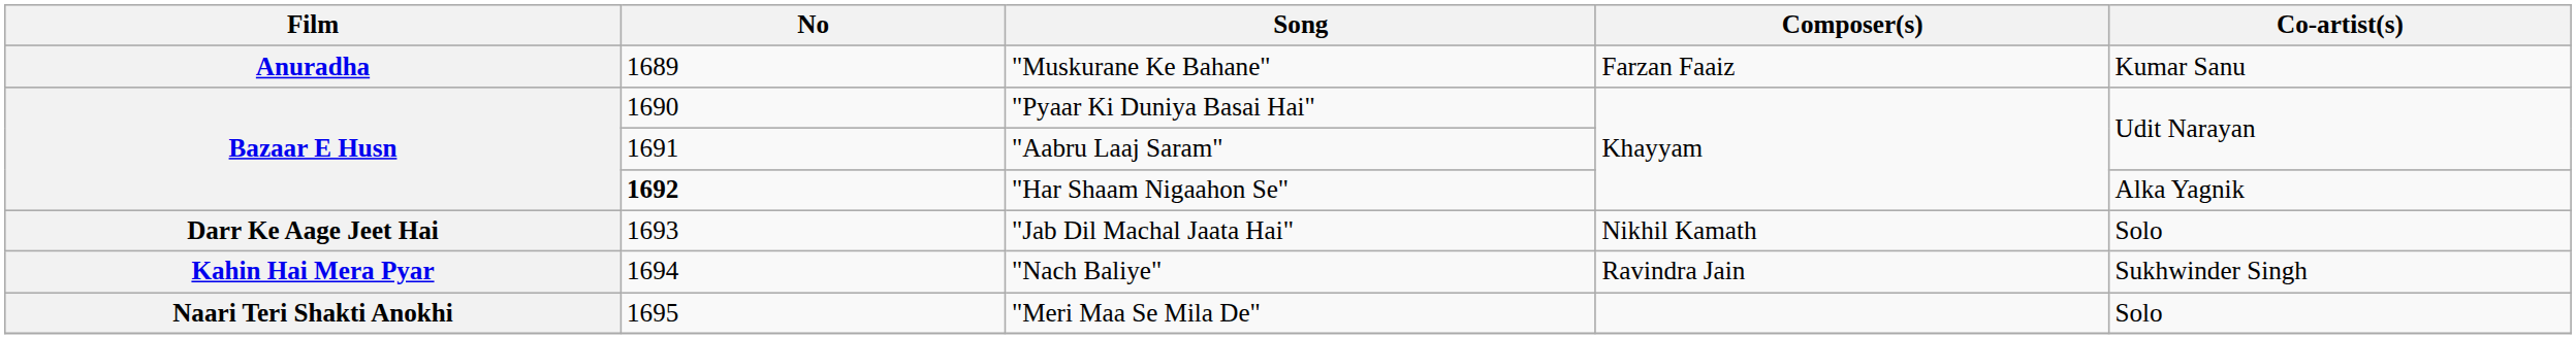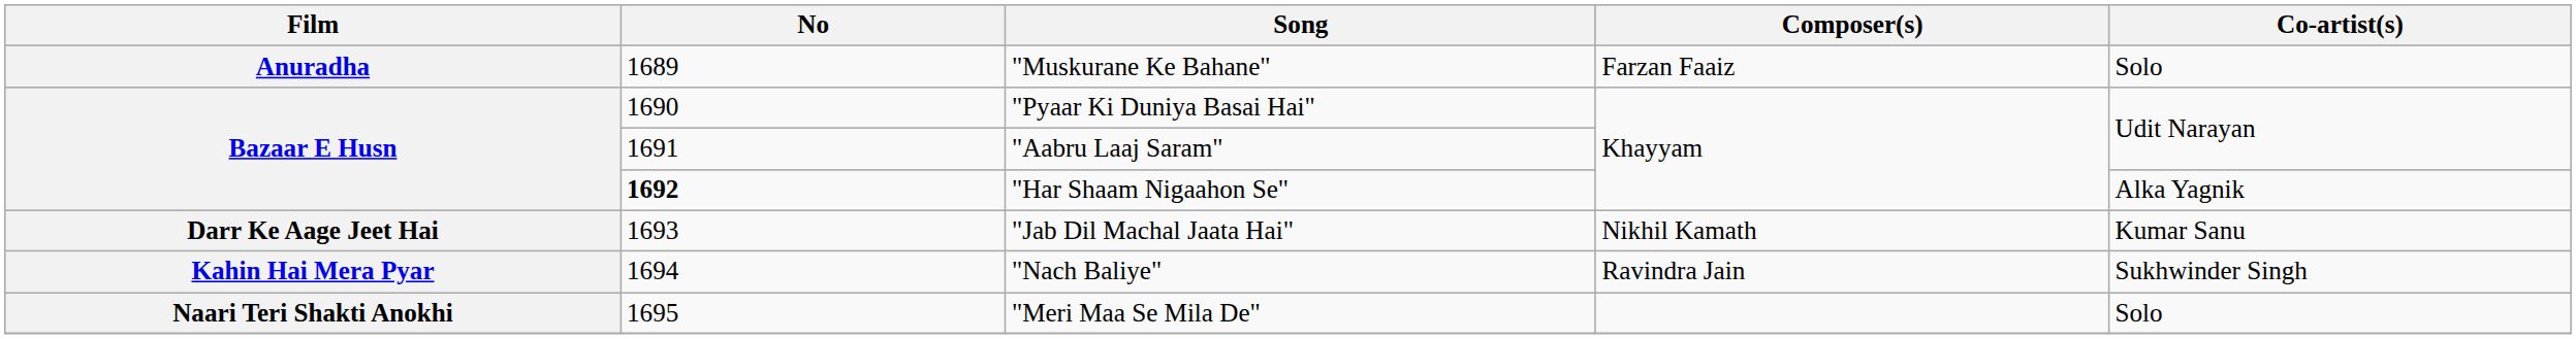 <table class="wikitable plainrowheaders" style="width:100%; textcolor:#000">
 <tr>
 <th scope="col" style="width:24%;">Film</th>
 <th>No</th>
 <th scope="col" style="width:23%;">Song</th>
 <th scope="col" style="width:20%;">Composer(s)</th>
 <th scope="col" style="width:18%;">Co-artist(s)</th>
 </tr>
 <tr>
 <th><a href='#'>Anuradha</a></th>
 <td>1689</td>
 <td>"Muskurane Ke Bahane"</td>
 <td>Farzan Faaiz</td>
-<td>Kumar Sanu</td>
+<td>Solo</td>
 </tr>
 <tr>
 <th rowspan=3><a href='#'>Bazaar E Husn</a></th>
 <td>1690</td>
 <td>"Pyaar Ki Duniya Basai Hai"</td>
 <td rowspan=3>Khayyam</td>
 <td rowspan=2>Udit Narayan</td>
 </tr>
 <tr>
 <td>1691</td>
 <td>"Aabru Laaj Saram"</td>
 </tr>
 <tr>
 <td><strong>1692</strong></td>
 <td>"Har Shaam Nigaahon Se"</td>
 <td>Alka Yagnik</td>
 </tr>
 <tr>
 <th>Darr Ke Aage Jeet Hai</th>
 <td>1693</td>
 <td>"Jab Dil Machal Jaata Hai"</td>
 <td>Nikhil Kamath</td>
-<td>Solo</td>
+<td>Kumar Sanu</td>
 </tr>
 <tr>
 <th><a href='#'>Kahin Hai Mera Pyar</a></th>
 <td>1694</td>
 <td>"Nach Baliye"</td>
 <td>Ravindra Jain</td>
 <td>Sukhwinder Singh</td>
 </tr>
 <tr>
 <th>Naari Teri Shakti Anokhi</th>
 <td>1695</td>
 <td>"Meri Maa Se Mila De"</td>
 <td></td>
 <td>Solo</td>
 </tr>
 <tr>
 </tr>
 </table>
